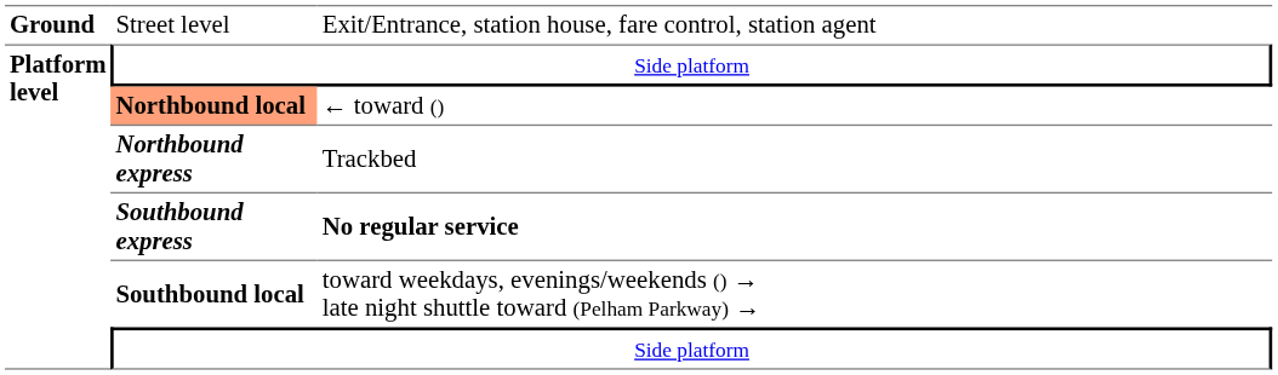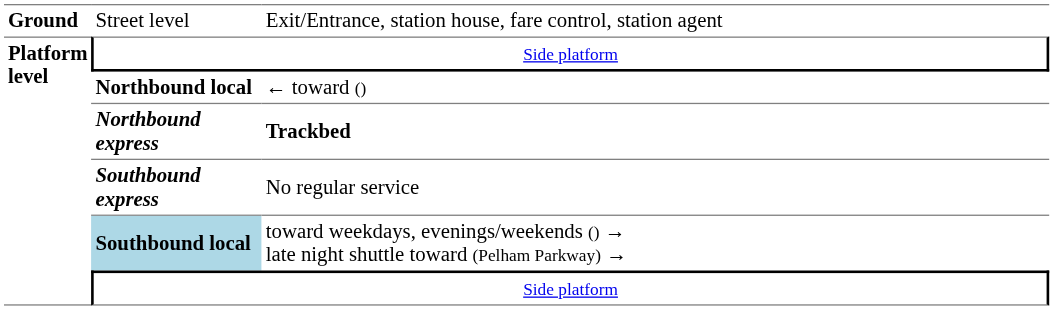 <table table border=0 cellspacing=0 cellpadding=3>
 <tr>
 <td style="border-top:solid 1px gray;" width=50><strong>Ground</strong></td>
 <td style="border-top:solid 1px gray;" width=125>Street level</td>
 <td style="border-top:solid 1px gray;" width=600>Exit/Entrance, station house, fare control, station agent<br></td>
 </tr>
 <tr>
 <td style="border-top:solid 1px gray;border-bottom:solid 1px gray;" rowspan=6 valign=top><strong>Platform level</strong></td>
 <td style="border-top:solid 1px gray;border-right:solid 2px black;border-left:solid 2px black;border-bottom:solid 2px black;text-align:center;" colspan=2><small><a href='#'>Side platform</a> </small></td>
 </tr>
 <tr>
-<td style="background: lightsalmon; border-bottom:solid 1px gray;"><span><strong>Northbound local</strong></span></td>
+<td style="border-bottom:solid 1px gray;"><span><strong>Northbound local</strong></span></td>
 <td style="border-bottom:solid 1px gray;">←  toward  <small>()</small></td>
 </tr>
 <tr>
 <td style="border-bottom:solid 1px gray;"><strong><em>Northbound express</em></strong></td>
-<td style="border-bottom:solid 1px gray;"> Trackbed</td>
+<td style="border-bottom:solid 1px gray;"><strong> Trackbed</strong></td>
 </tr>
 <tr>
 <td style="border-bottom:solid 1px gray;"><strong><em>Southbound express</em></strong></td>
-<td style="border-bottom:solid 1px gray;"><strong> No regular service</strong></td>
+<td style="border-bottom:solid 1px gray;"> No regular service</td>
 </tr>
 <tr>
-<td><span><strong>Southbound local</strong></span></td>
+<td style="background: lightblue;"><span><strong>Southbound local</strong></span></td>
 <td>  toward  weekdays,  evenings/weekends <small>()</small> →<br>  late night shuttle toward  <small>(Pelham Parkway)</small> →</td>
 </tr>
 <tr>
 <td style="border-top:solid 2px black;border-bottom:solid 1px gray;border-right:solid 2px black;border-left:solid 2px black;text-align:center;" colspan=2><small><a href='#'>Side platform</a> </small></td>
 </tr>
 </table>
